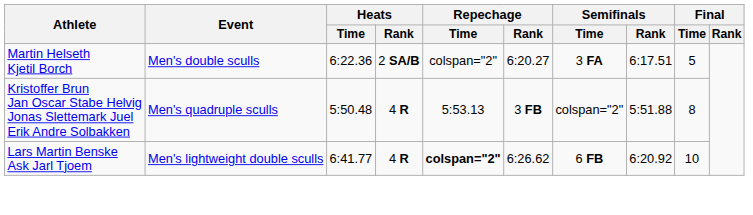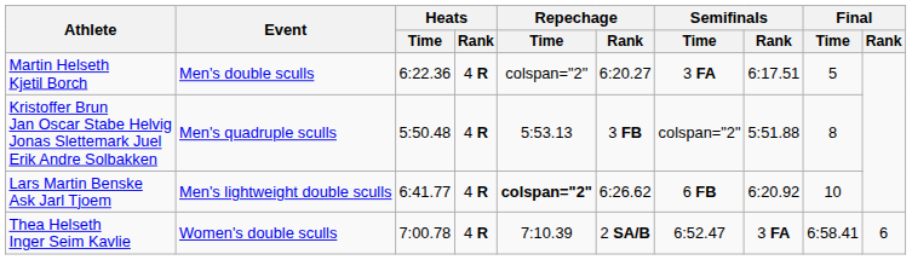 <table class=wikitable style=font-size:90%;text-align:center>
 <tr>
 <th rowspan=2>Athlete</th>
 <th rowspan=2>Event</th>
 <th colspan=2>Heats</th>
 <th colspan=2>Repechage</th>
 <th colspan=2>Semifinals</th>
 <th colspan=2>Final</th>
 </tr>
 <tr style=font-size:95%>
 <th>Time</th>
 <th>Rank</th>
 <th>Time</th>
 <th>Rank</th>
 <th>Time</th>
 <th>Rank</th>
 <th>Time</th>
 <th>Rank</th>
 </tr>
 <tr>
 <td align=left><a href='#'>Martin Helseth</a><br><a href='#'>Kjetil Borch</a></td>
 <td align=left><a href='#'>Men's double sculls</a></td>
 <td>6:22.36</td>
-<td>2 <strong>SA/B</strong></td>
+<td>4 <strong>R</strong></td>
 <td>colspan="2" </td>
 <td>6:20.27</td>
 <td>3 <strong>FA</strong></td>
 <td>6:17.51</td>
 <td>5</td>
 </tr>
 <tr>
 <td align=left><a href='#'>Kristoffer Brun</a><br><a href='#'>Jan Oscar Stabe Helvig</a><br><a href='#'>Jonas Slettemark Juel</a><br><a href='#'>Erik Andre Solbakken</a></td>
 <td align=left><a href='#'>Men's quadruple sculls</a></td>
 <td>5:50.48</td>
 <td>4 <strong>R</strong></td>
 <td>5:53.13</td>
 <td>3 <strong>FB</strong></td>
 <td>colspan="2" </td>
 <td>5:51.88</td>
 <td>8</td>
 </tr>
 <tr>
 <td align=left><a href='#'>Lars Martin Benske</a><br><a href='#'>Ask Jarl Tjoem</a></td>
 <td align=left><a href='#'>Men's lightweight double sculls</a></td>
 <td>6:41.77</td>
 <td>4 <strong>R</strong></td>
 <td><strong>colspan="2" </strong></td>
 <td>6:26.62</td>
 <td>6 <strong>FB</strong></td>
 <td>6:20.92</td>
 <td>10</td>
 </tr>
+<tr>
+<td align=left><a href='#'>Thea Helseth</a><br><a href='#'>Inger Seim Kavlie</a></td>
+<td align=left><a href='#'>Women's double sculls</a></td>
+<td>7:00.78</td>
+<td>4 <strong>R</strong></td>
+<td>7:10.39</td>
+<td>2 <strong>SA/B</strong></td>
+<td>6:52.47</td>
+<td>3 <strong>FA</strong></td>
+<td>6:58.41</td>
+<td>6</td>
+</tr>
 </table>
